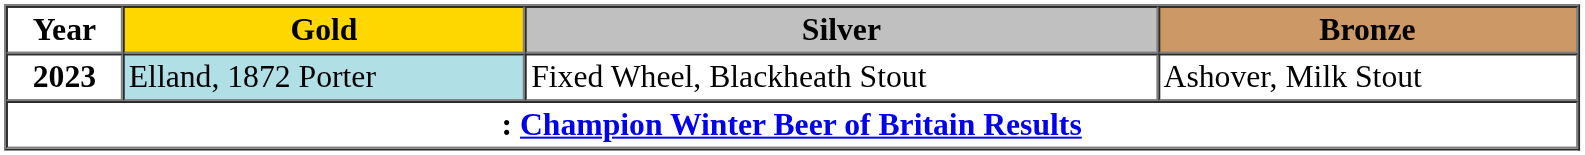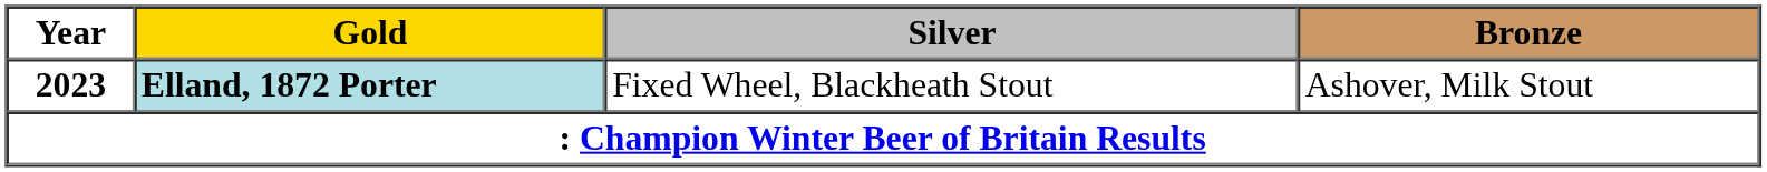 <table | width=90% border=1 cellpadding=2 cellspacing=0>
 <tr>
 <th>Year</th>
 <th style="background:gold;"><strong>Gold</strong></th>
 <th style="background:silver;"><strong>Silver</strong></th>
 <th style="background:#c96;"><strong>Bronze</strong></th>
 </tr>
 <tr>
 <th>2023</th>
-<td style="background:powderblue;">Elland, 1872 Porter </td>
+<td style="background:powderblue;"><strong>Elland, 1872 Porter </strong></td>
 <td>Fixed Wheel, Blackheath Stout</td>
 <td>Ashover, Milk Stout</td>
 </tr>
 <tr>
 <th colspan="4">: <a href='#'>Champion Winter Beer of Britain Results</a></th>
 </tr>
 </table>
